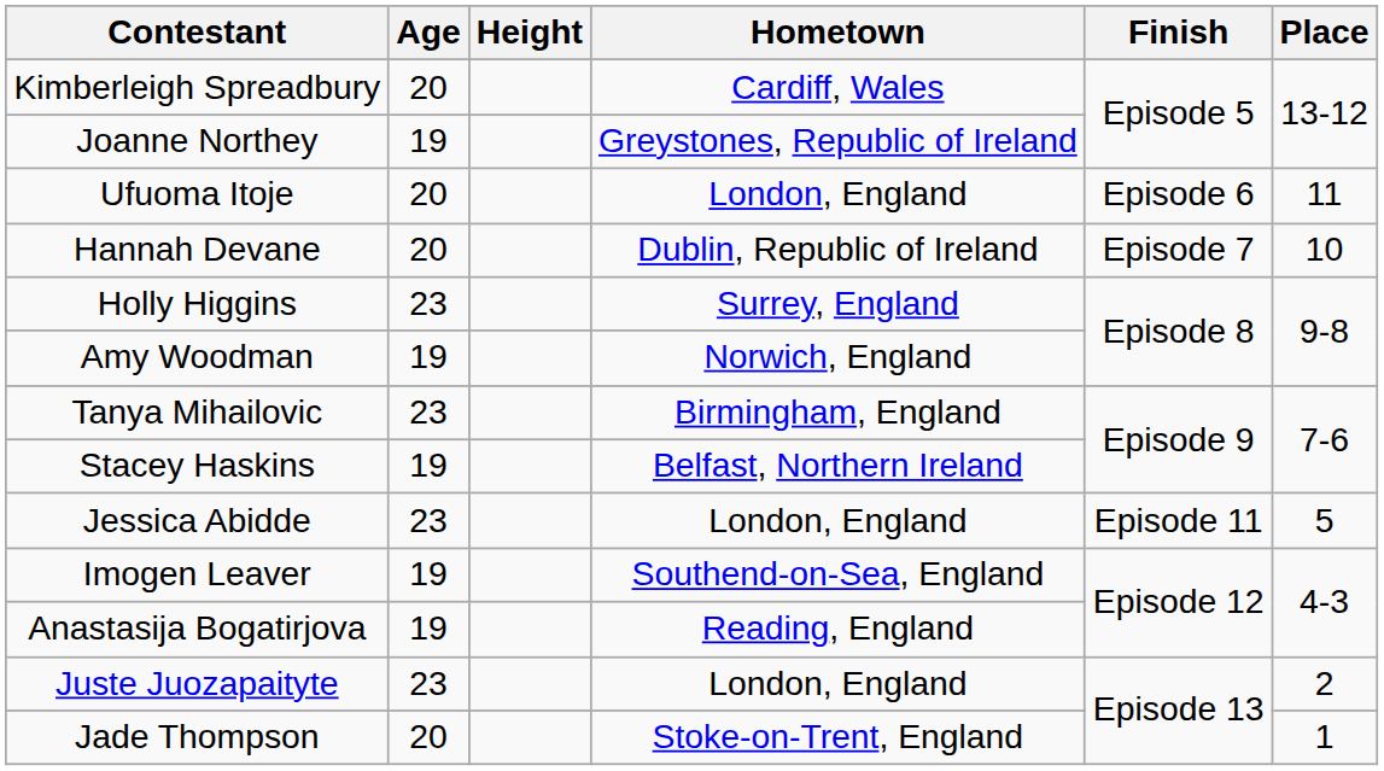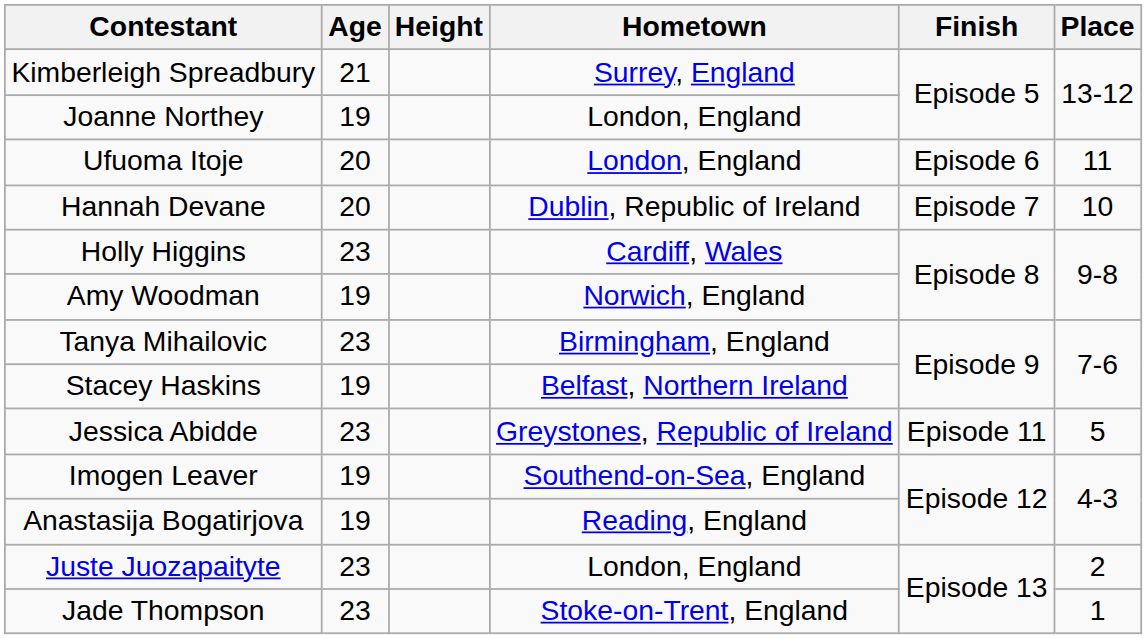 <table class="wikitable sortable" style="text-align:center;">
 <tr>
 <th>Contestant</th>
 <th>Age</th>
 <th>Height</th>
 <th>Hometown</th>
 <th>Finish</th>
 <th>Place</th>
 </tr>
 <tr>
 <td nowrap>Kimberleigh Spreadbury</td>
-<td>20</td>
+<td>21</td>
 <td></td>
-<td><a href='#'>Cardiff</a>, <a href='#'>Wales</a></td>
+<td><a href='#'>Surrey</a>, <a href='#'>England</a></td>
 <td rowspan=2>Episode 5</td>
 <td rowspan=2>13-12</td>
 </tr>
 <tr>
 <td>Joanne Northey</td>
 <td>19</td>
 <td nowrap></td>
-<td nowrap><a href='#'>Greystones</a>, <a href='#'>Republic of Ireland</a></td>
+<td>London, England</td>
 </tr>
 <tr>
 <td>Ufuoma Itoje</td>
 <td>20</td>
 <td></td>
 <td><a href='#'>London</a>, England</td>
 <td>Episode 6</td>
 <td>11</td>
 </tr>
 <tr>
 <td>Hannah Devane</td>
 <td>20</td>
 <td></td>
 <td><a href='#'>Dublin</a>, Republic of Ireland</td>
 <td>Episode 7</td>
 <td>10</td>
 </tr>
 <tr>
 <td>Holly Higgins</td>
 <td>23</td>
 <td></td>
-<td><a href='#'>Surrey</a>, <a href='#'>England</a></td>
+<td><a href='#'>Cardiff</a>, <a href='#'>Wales</a></td>
 <td rowspan=2>Episode 8</td>
 <td rowspan=2>9-8</td>
 </tr>
 <tr>
 <td>Amy Woodman</td>
 <td>19</td>
 <td></td>
 <td><a href='#'>Norwich</a>, England</td>
 </tr>
 <tr>
 <td>Tanya Mihailovic</td>
 <td>23</td>
 <td></td>
 <td><a href='#'>Birmingham</a>, England</td>
 <td rowspan=2>Episode 9</td>
 <td rowspan=2>7-6</td>
 </tr>
 <tr>
 <td>Stacey Haskins</td>
 <td>19</td>
 <td></td>
 <td><a href='#'>Belfast</a>, <a href='#'>Northern Ireland</a></td>
 </tr>
 <tr>
 <td>Jessica Abidde</td>
 <td>23</td>
 <td nowrap></td>
-<td>London, England</td>
+<td nowrap><a href='#'>Greystones</a>, <a href='#'>Republic of Ireland</a></td>
 <td nowrap>Episode 11</td>
 <td>5</td>
 </tr>
 <tr>
 <td>Imogen Leaver</td>
 <td>19</td>
 <td></td>
 <td><a href='#'>Southend-on-Sea</a>, England</td>
 <td rowspan=2>Episode 12</td>
 <td rowspan=2>4-3</td>
 </tr>
 <tr>
 <td>Anastasija Bogatirjova</td>
 <td>19</td>
 <td></td>
 <td><a href='#'>Reading</a>, England</td>
 </tr>
 <tr>
 <td><a href='#'>Juste Juozapaityte</a></td>
 <td>23</td>
 <td></td>
 <td>London, England</td>
 <td rowspan=2>Episode 13</td>
 <td>2</td>
 </tr>
 <tr>
 <td>Jade Thompson</td>
-<td>20</td>
+<td>23</td>
 <td></td>
 <td><a href='#'>Stoke-on-Trent</a>, England</td>
 <td>1</td>
 </tr>
 </table>
